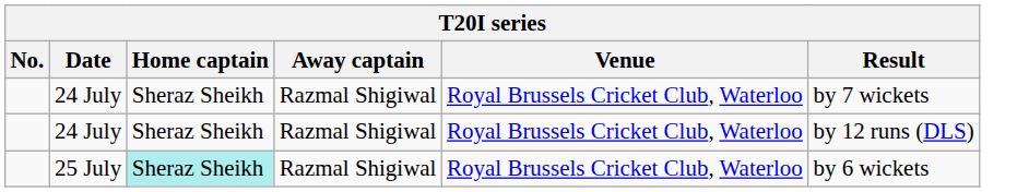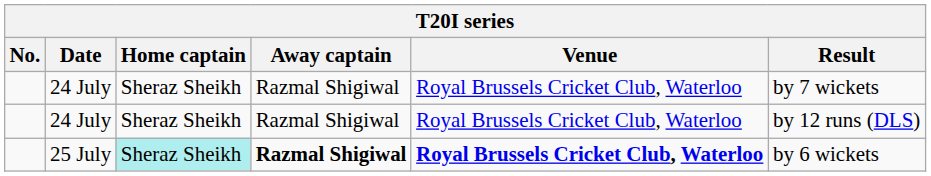 <table class="wikitable">
 <tr>
 <th colspan="9">T20I series</th>
 </tr>
 <tr>
 <th>No.</th>
 <th>Date</th>
 <th>Home captain</th>
 <th>Away captain</th>
 <th>Venue</th>
 <th>Result</th>
 </tr>
 <tr>
 <td></td>
 <td>24 July</td>
 <td>Sheraz Sheikh</td>
 <td>Razmal Shigiwal</td>
 <td><a href='#'>Royal Brussels Cricket Club</a>, <a href='#'>Waterloo</a></td>
 <td> by 7 wickets</td>
 </tr>
 <tr>
 <td></td>
 <td>24 July</td>
 <td>Sheraz Sheikh</td>
 <td>Razmal Shigiwal</td>
 <td><a href='#'>Royal Brussels Cricket Club</a>, <a href='#'>Waterloo</a></td>
 <td> by 12 runs (<a href='#'>DLS</a>)</td>
 </tr>
 <tr>
 <td></td>
 <td>25 July</td>
 <td style="background: paleturquoise;">Sheraz Sheikh</td>
-<td>Razmal Shigiwal</td>
-<td><a href='#'>Royal Brussels Cricket Club</a>, <a href='#'>Waterloo</a></td>
+<td><strong>Razmal Shigiwal</strong></td>
+<td><strong><a href='#'>Royal Brussels Cricket Club</a>, <a href='#'>Waterloo</a></strong></td>
 <td> by 6 wickets</td>
 </tr>
 </table>
